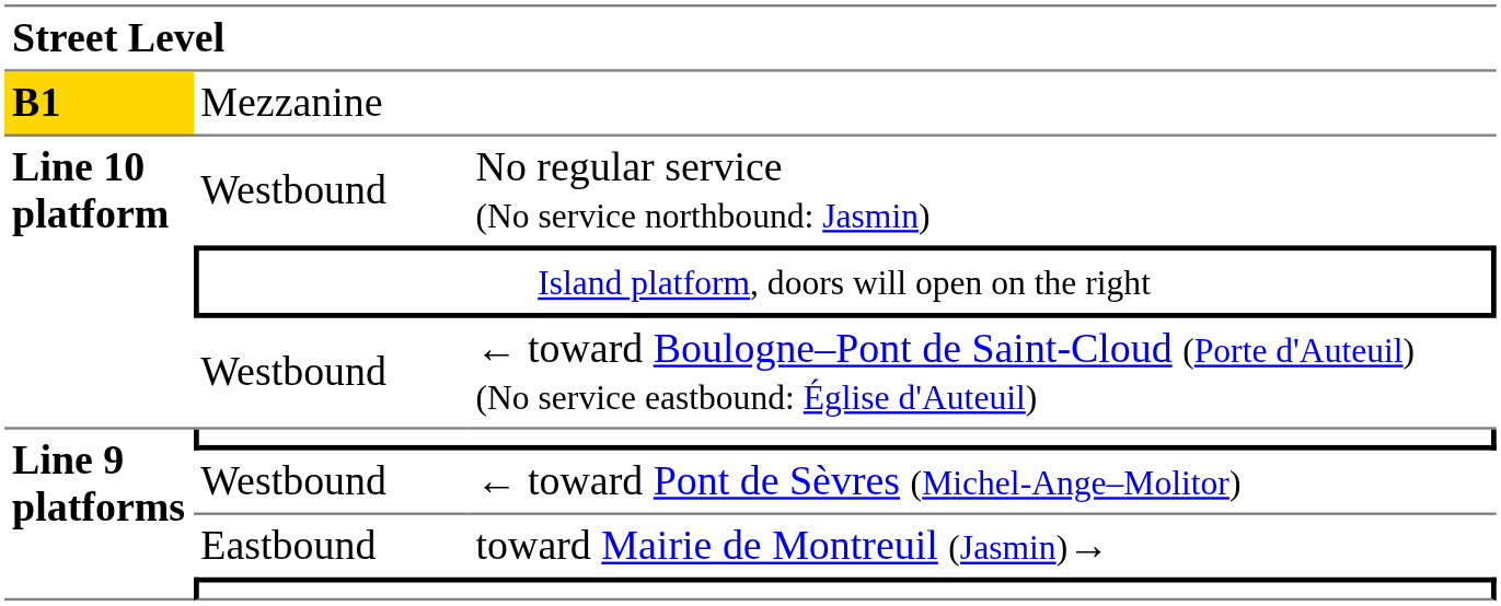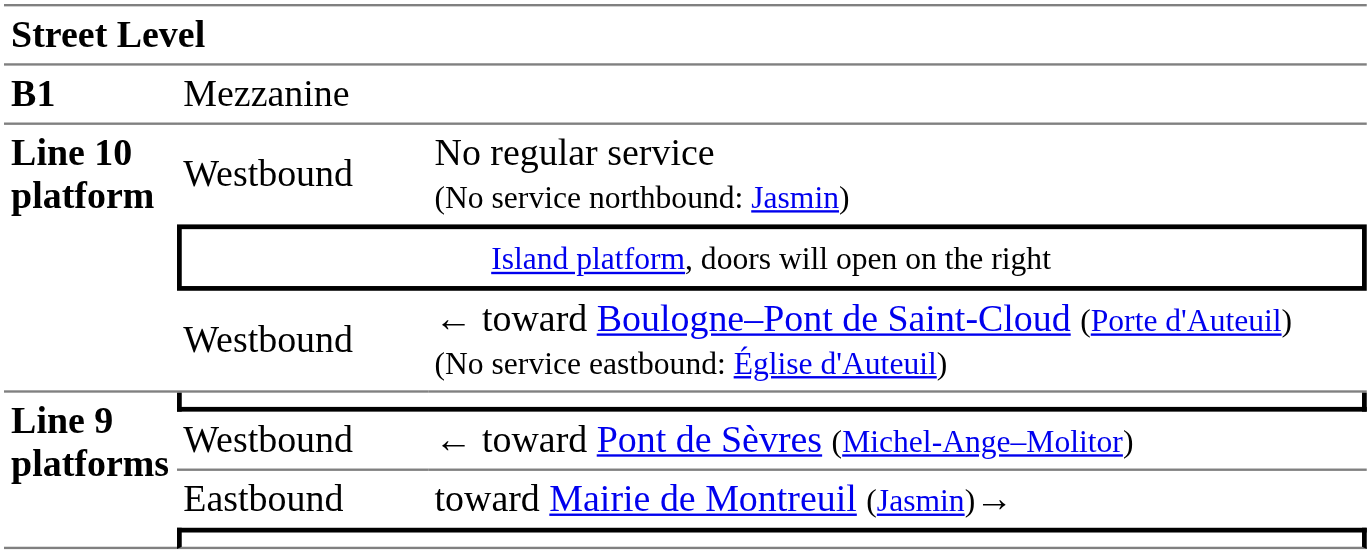 <table cellspacing="0" cellpadding="3" border="0">
 <tr>
 <td colspan="3" data-darkreader-inline-border-top="" data-darkreader-inline-border-bottom="" style="border-bottom:solid 1px gray;border-top:solid 1px gray;" width="50" valign="top"><strong>Street Level</strong></td>
 </tr>
 <tr>
-<td data-darkreader-inline-border-bottom="" style="background: gold; border-bottom:solid 1px gray;" width="50" valign="top"><strong>B1</strong></td>
+<td data-darkreader-inline-border-bottom="" style="border-bottom:solid 1px gray;" width="50" valign="top"><strong>B1</strong></td>
 <td colspan="2" data-darkreader-inline-border-bottom="" style="border-bottom:solid 1px gray;" width="100" valign="top">Mezzanine</td>
 </tr>
 <tr>
 <td rowspan="3" style="border-bottom:solid 1px gray;" width="50" valign="top"><strong>Line 10 platform</strong></td>
 <td>Westbound</td>
 <td>No regular service<br><small>(No service northbound: <a href='#'>Jasmin</a>)</small></td>
 </tr>
 <tr>
 <td colspan="2" style="border-top:solid 2px black;border-right:solid 2px black;border-left:solid 2px black;border-bottom:solid 2px black;text-align:center;"><small><a href='#'>Island platform</a>, doors will open on the right</small></td>
 </tr>
 <tr>
 <td style="border-bottom:solid 1px gray;" width="100">Westbound</td>
 <td style="border-bottom:solid 1px gray;" width="390">←    toward <a href='#'>Boulogne–Pont de Saint-Cloud</a> <small>(<a href='#'>Porte d'Auteuil</a>)</small><br><small>(No service eastbound: <a href='#'>Église d'Auteuil</a>)</small></td>
 </tr>
 <tr>
 <td rowspan="4" style="border-bottom:solid 1px gray;" width="50" valign="top"><strong>Line 9 platforms</strong></td>
 <td colspan="2" style="border-right:solid 2px black;border-left:solid 2px black;border-bottom:solid 2px black;text-align:center;"></td>
 </tr>
 <tr>
 <td style="border-bottom:solid 1px gray;" width="100">Westbound</td>
 <td style="border-bottom:solid 1px gray;" width="390">←   toward <a href='#'>Pont de Sèvres</a> <small>(<a href='#'>Michel-Ange–Molitor</a>)</small></td>
 </tr>
 <tr>
 <td>Eastbound</td>
 <td>   toward <a href='#'>Mairie de Montreuil</a> <small>(<a href='#'>Jasmin</a>)</small>→</td>
 </tr>
 <tr>
 <td colspan="2" style="border-top:solid 2px black;border-right:solid 2px black;border-left:solid 2px black;border-bottom:solid 1px gray;text-align:center;"></td>
 </tr>
 </table>
